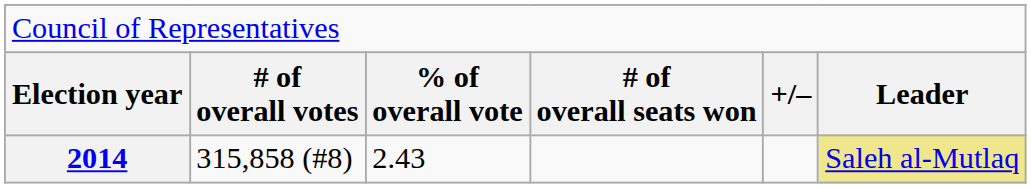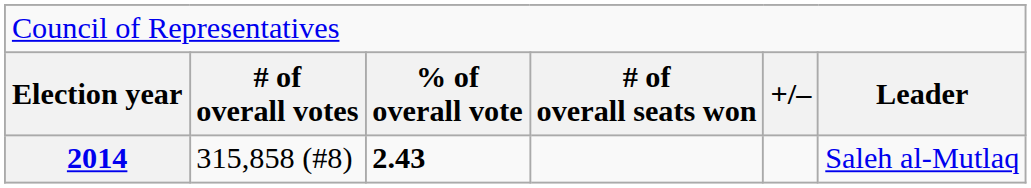 <table class=wikitable>
 <tr>
 <td colspan=7><a href='#'>Council of Representatives</a></td>
 </tr>
 <tr>
 <th>Election year</th>
 <th># of<br>overall votes</th>
 <th>% of<br>overall vote</th>
 <th># of<br>overall seats won</th>
 <th>+/–</th>
 <th>Leader</th>
 </tr>
 <tr>
 <th rowspan=2><a href='#'>2014</a></th>
 <td>315,858 (#8)</td>
-<td>2.43</td>
+<td><strong>2.43</strong></td>
 <td></td>
 <td></td>
-<td style="background: khaki;"><a href='#'>Saleh al-Mutlaq</a></td>
+<td><a href='#'>Saleh al-Mutlaq</a></td>
 </tr>
 </table>
